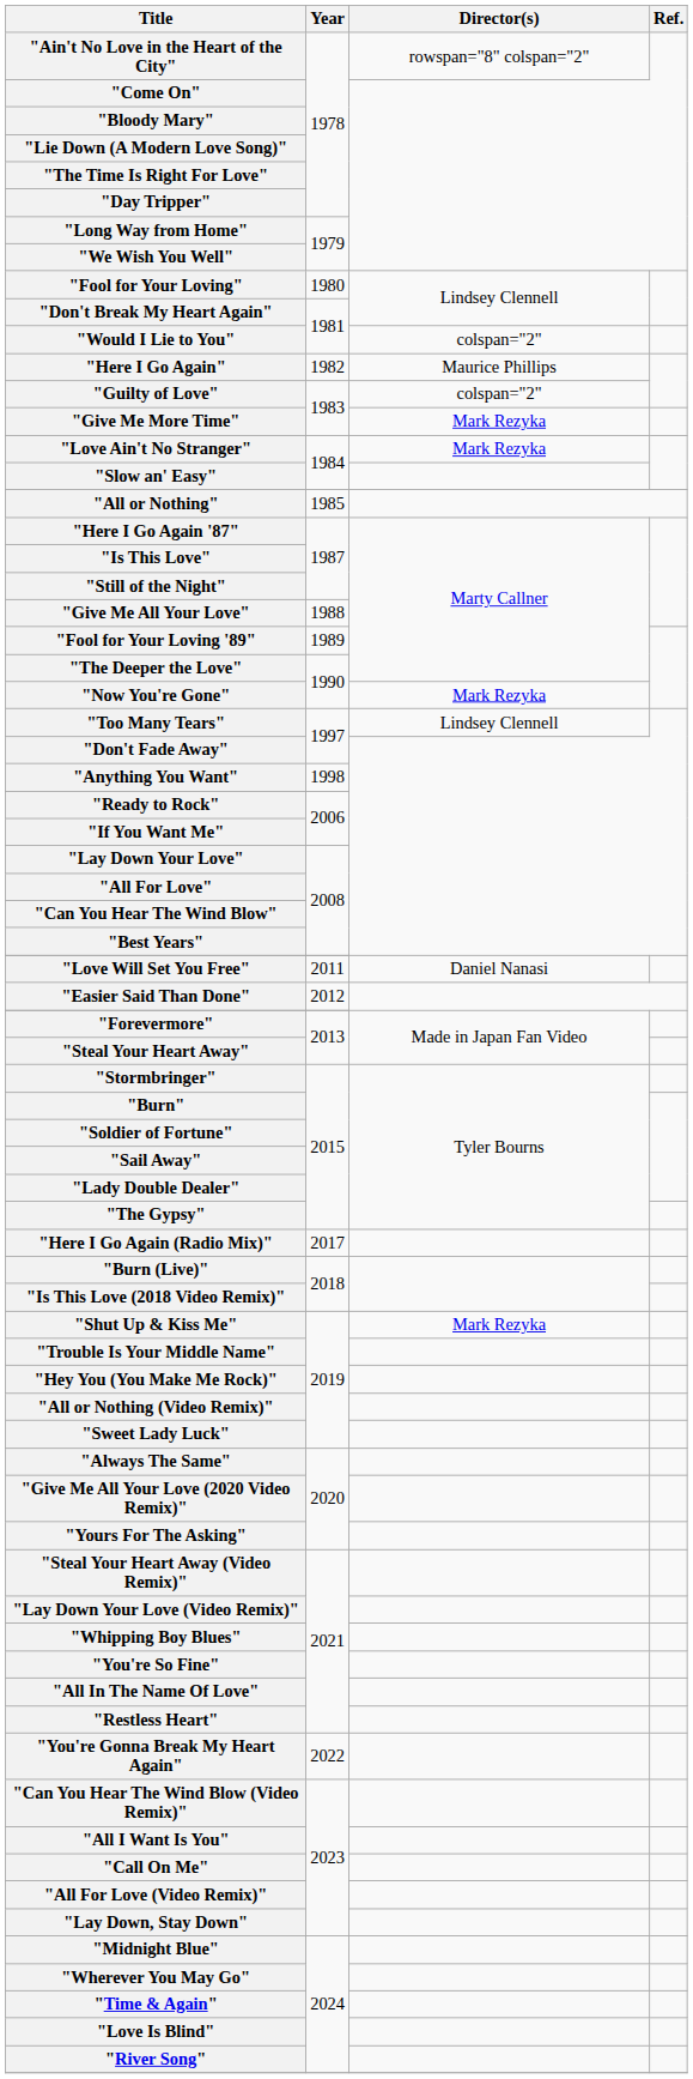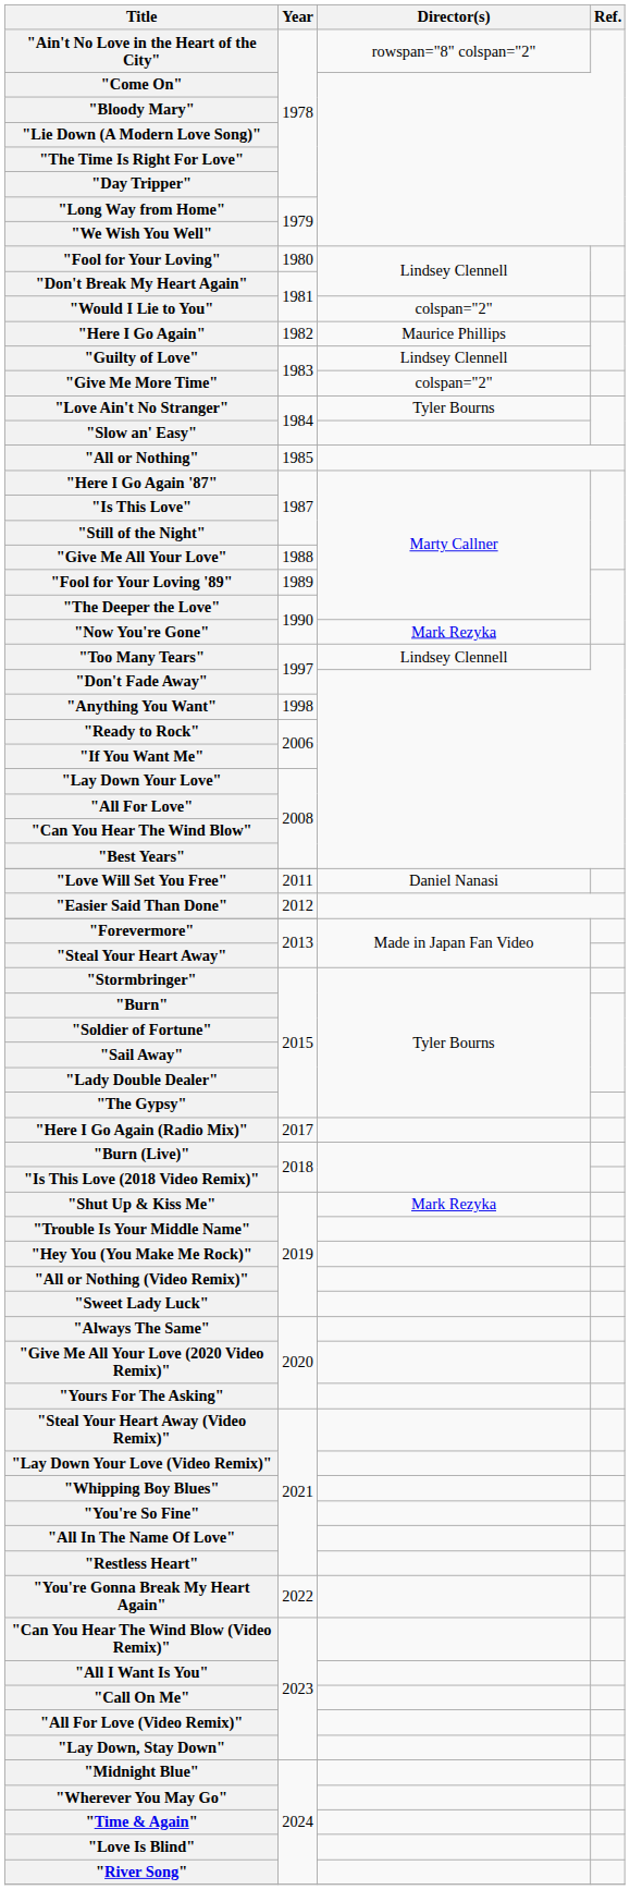 <table class="wikitable mw-collapsible mw-collapsed plainrowheaders" style="text-align:center;">
 <tr>
 <th scope="col" style="width:17em;">Title</th>
 <th scope="col">Year</th>
 <th scope="col" style="width:17em;">Director(s)</th>
 <th scope="col">Ref.</th>
 </tr>
 <tr>
 <th scope="row">"Ain't No Love in the Heart of the City"</th>
 <td rowspan="6">1978</td>
 <td>rowspan="8" colspan="2" </td>
 </tr>
 <tr>
 <th scope="row">"Come On"</th>
 </tr>
 <tr>
 <th scope="row">"Bloody Mary"</th>
 </tr>
 <tr>
 <th scope="row">"Lie Down (A Modern Love Song)"</th>
 </tr>
 <tr>
 <th scope="row">"The Time Is Right For Love"</th>
 </tr>
 <tr>
 <th scope="row">"Day Tripper"</th>
 </tr>
 <tr>
 <th scope="row">"Long Way from Home"</th>
 <td rowspan="2">1979</td>
 </tr>
 <tr>
 <th scope="row">"We Wish You Well"</th>
 </tr>
 <tr>
 <th scope="row">"Fool for Your Loving"</th>
 <td>1980</td>
 <td rowspan="2">Lindsey Clennell</td>
 <td rowspan="2"></td>
 </tr>
 <tr>
 <th scope="row">"Don't Break My Heart Again"</th>
 <td rowspan="2">1981</td>
 </tr>
 <tr>
 <th scope="row">"Would I Lie to You"</th>
 <td>colspan="2" </td>
 </tr>
 <tr>
 <th scope="row">"Here I Go Again"</th>
 <td>1982</td>
 <td>Maurice Phillips</td>
 <td rowspan="2"></td>
 </tr>
 <tr>
 <th scope="row">"Guilty of Love"</th>
 <td rowspan="2">1983</td>
-<td>colspan="2" </td>
+<td>Lindsey Clennell</td>
 </tr>
 <tr>
 <th scope="row">"Give Me More Time"</th>
-<td><a href='#'>Mark Rezyka</a></td>
+<td>colspan="2" </td>
 </tr>
 <tr>
 <th scope="row">"Love Ain't No Stranger"</th>
 <td rowspan="2">1984</td>
-<td><a href='#'>Mark Rezyka</a></td>
+<td>Tyler Bourns</td>
 <td rowspan="2"></td>
 </tr>
 <tr>
 <th scope="row">"Slow an' Easy"</th>
 <td></td>
 </tr>
 <tr>
 <th scope="row">"All or Nothing"</th>
 <td>1985</td>
 </tr>
 <tr>
 <th scope="row">"Here I Go Again '87"</th>
 <td rowspan="3">1987</td>
 <td rowspan="6"><a href='#'>Marty Callner</a></td>
 <td rowspan="4"></td>
 </tr>
 <tr>
 <th scope="row">"Is This Love"</th>
 </tr>
 <tr>
 <th scope="row">"Still of the Night"</th>
 </tr>
 <tr>
 <th scope="row">"Give Me All Your Love"</th>
 <td>1988</td>
 </tr>
 <tr>
 <th scope="row">"Fool for Your Loving '89"</th>
 <td>1989</td>
 <td rowspan="3"></td>
 </tr>
 <tr>
 <th scope="row">"The Deeper the Love"</th>
 <td rowspan="2">1990</td>
 </tr>
 <tr>
 <th scope="row">"Now You're Gone"</th>
 <td><a href='#'>Mark Rezyka</a></td>
 </tr>
 <tr>
 <th scope="row">"Too Many Tears"</th>
 <td rowspan="2">1997</td>
 <td>Lindsey Clennell</td>
 </tr>
 <tr>
 <th scope="row">"Don't Fade Away"</th>
 </tr>
 <tr>
 <th scope="row">"Anything You Want"</th>
 <td>1998</td>
 </tr>
 <tr>
 <th scope="row">"Ready to Rock"</th>
 <td rowspan="2">2006</td>
 </tr>
 <tr>
 <th scope="row">"If You Want Me"</th>
 </tr>
 <tr>
 <th scope="row">"Lay Down Your Love"</th>
 <td rowspan="4">2008</td>
 </tr>
 <tr>
 <th scope="row">"All For Love"</th>
 </tr>
 <tr>
 <th scope="row">"Can You Hear The Wind Blow"</th>
 </tr>
 <tr>
 <th scope="row">"Best Years"</th>
 </tr>
 <tr>
 </tr>
 <tr>
 <th scope="row">"Love Will Set You Free"</th>
 <td rowspan="1">2011</td>
 <td>Daniel Nanasi</td>
 <td></td>
 </tr>
 <tr>
 <th scope="row">"Easier Said Than Done"</th>
 <td rowspan="1">2012</td>
 </tr>
 <tr>
 </tr>
 <tr>
 <th scope="row">"Forevermore"</th>
 <td rowspan="2">2013</td>
 <td rowspan="2">Made in Japan Fan Video</td>
 <td></td>
 </tr>
 <tr>
 <th scope="row">"Steal Your Heart Away"</th>
 <td></td>
 </tr>
 <tr>
 <th scope="row">"Stormbringer"</th>
 <td rowspan="6">2015</td>
 <td rowspan="6">Tyler Bourns</td>
 <td></td>
 </tr>
 <tr>
 <th scope="row">"Burn"</th>
 <td rowspan="4"></td>
 </tr>
 <tr>
 <th scope="row">"Soldier of Fortune"</th>
 </tr>
 <tr>
 <th scope="row">"Sail Away"</th>
 </tr>
 <tr>
 <th scope="row">"Lady Double Dealer"</th>
 </tr>
 <tr>
 <th scope="row">"The Gypsy"</th>
 <td></td>
 </tr>
 <tr>
 <th scope="row">"Here I Go Again (Radio Mix)"</th>
 <td>2017</td>
 <td></td>
 <td></td>
 </tr>
 <tr>
 <th scope="row">"Burn (Live)"</th>
 <td rowspan="2">2018</td>
 <td rowspan="2"></td>
 <td></td>
 </tr>
 <tr>
 <th scope="row">"Is This Love (2018 Video Remix)"</th>
 <td></td>
 </tr>
 <tr>
 <th scope="row">"Shut Up & Kiss Me"</th>
 <td rowspan="5">2019</td>
 <td><a href='#'>Mark Rezyka</a></td>
 <td></td>
 </tr>
 <tr>
 <th scope="row">"Trouble Is Your Middle Name"</th>
 <td></td>
 <td></td>
 </tr>
 <tr>
 <th scope="row">"Hey You (You Make Me Rock)"</th>
 <td></td>
 <td></td>
 </tr>
 <tr>
 <th scope="row">"All or Nothing (Video Remix)"</th>
 <td></td>
 <td></td>
 </tr>
 <tr>
 <th scope="row">"Sweet Lady Luck"</th>
 <td></td>
 <td></td>
 </tr>
 <tr>
 <th scope="row">"Always The Same"</th>
 <td rowspan="3">2020</td>
 <td></td>
 <td></td>
 </tr>
 <tr>
 <th scope="row">"Give Me All Your Love (2020 Video Remix)"</th>
 <td></td>
 <td></td>
 </tr>
 <tr>
 <th scope="row">"Yours For The Asking"</th>
 <td></td>
 <td></td>
 </tr>
 <tr>
 <th scope="row">"Steal Your Heart Away (Video Remix)"</th>
 <td rowspan="6">2021</td>
 <td></td>
 <td></td>
 </tr>
 <tr>
 <th scope="row">"Lay Down Your Love (Video Remix)"</th>
 <td></td>
 <td></td>
 </tr>
 <tr>
 <th scope="row">"Whipping Boy Blues"</th>
 <td></td>
 <td></td>
 </tr>
 <tr>
 <th scope="row">"You're So Fine"</th>
 <td></td>
 <td></td>
 </tr>
 <tr>
 <th scope="row">"All In The Name Of Love"</th>
 <td></td>
 <td></td>
 </tr>
 <tr>
 <th scope="row">"Restless Heart"</th>
 <td></td>
 <td></td>
 </tr>
 <tr>
 <th scope="row">"You're Gonna Break My Heart Again"</th>
 <td>2022</td>
 <td></td>
 <td></td>
 </tr>
 <tr>
 <th scope="row">"Can You Hear The Wind Blow (Video Remix)"</th>
 <td rowspan="5">2023</td>
 <td></td>
 <td></td>
 </tr>
 <tr>
 <th scope="row">"All I Want Is You"</th>
 <td></td>
 <td></td>
 </tr>
 <tr>
 <th scope="row">"Call On Me"</th>
 <td></td>
 <td></td>
 </tr>
 <tr>
 <th scope="row">"All For Love (Video Remix)"</th>
 <td></td>
 <td></td>
 </tr>
 <tr>
 <th scope="row">"Lay Down, Stay Down"</th>
 <td></td>
 <td></td>
 </tr>
 <tr>
 <th scope="row">"Midnight Blue"</th>
 <td rowspan="5">2024</td>
 <td></td>
 <td></td>
 </tr>
 <tr>
 <th scope="row">"Wherever You May Go"</th>
 <td></td>
 <td></td>
 </tr>
 <tr>
 <th scope="row">"<a href='#'>Time & Again</a>"</th>
 <td></td>
 <td></td>
 </tr>
 <tr>
 <th scope="row">"Love Is Blind"</th>
 <td></td>
 <td></td>
 </tr>
 <tr>
 <th scope="row">"<a href='#'>River Song</a>"</th>
 <td></td>
 <td></td>
 </tr>
 <tr>
 </tr>
 </table>
